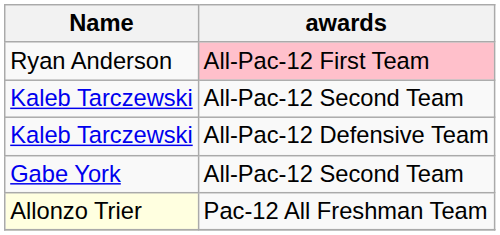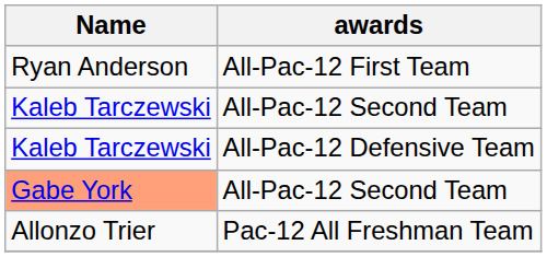 <table class="wikitable sortable" border="1">
 <tr>
 <th>Name</th>
 <th>awards</th>
 </tr>
 <tr>
 <td>Ryan Anderson</td>
-<td style="background: pink;">All-Pac-12 First Team</td>
+<td>All-Pac-12 First Team</td>
 </tr>
 <tr>
 <td><a href='#'>Kaleb Tarczewski</a></td>
 <td>All-Pac-12 Second Team</td>
 </tr>
 <tr>
 <td><a href='#'>Kaleb Tarczewski</a></td>
 <td>All-Pac-12 Defensive Team</td>
 </tr>
 <tr>
-<td><a href='#'>Gabe York</a></td>
+<td style="background: lightsalmon;"><a href='#'>Gabe York</a></td>
 <td>All-Pac-12 Second Team</td>
 </tr>
 <tr>
-<td style="background: lightyellow;">Allonzo Trier</td>
+<td>Allonzo Trier</td>
 <td>Pac-12 All Freshman Team</td>
 </tr>
 <tr>
 </tr>
 </table>
